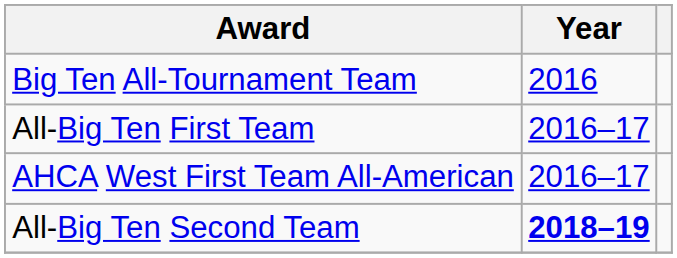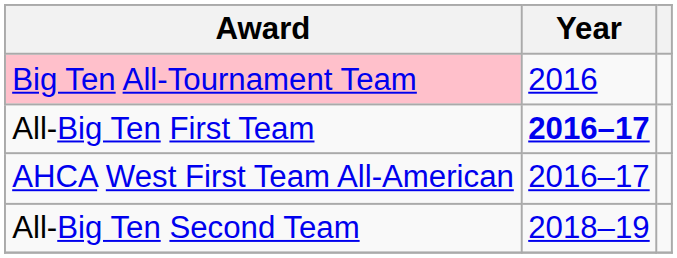 <table class="wikitable">
 <tr>
 <th>Award</th>
 <th>Year</th>
 <th></th>
 </tr>
 <tr>
-<td><a href='#'>Big Ten</a> <a href='#'>All-Tournament Team</a></td>
+<td style="background: pink;"><a href='#'>Big Ten</a> <a href='#'>All-Tournament Team</a></td>
 <td><a href='#'>2016</a></td>
 <td></td>
 </tr>
 <tr>
 <td>All-<a href='#'>Big Ten</a> <a href='#'>First Team</a></td>
-<td><a href='#'>2016–17</a></td>
+<td><strong><a href='#'>2016–17</a></strong></td>
 <td></td>
 </tr>
 <tr>
 <td><a href='#'>AHCA</a> <a href='#'>West First Team All-American</a></td>
 <td><a href='#'>2016–17</a></td>
 <td></td>
 </tr>
 <tr>
 <td>All-<a href='#'>Big Ten</a> <a href='#'>Second Team</a></td>
-<td><strong><a href='#'>2018–19</a></strong></td>
+<td><a href='#'>2018–19</a></td>
 <td></td>
 </tr>
 <tr>
 </tr>
 </table>
